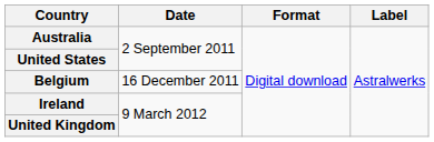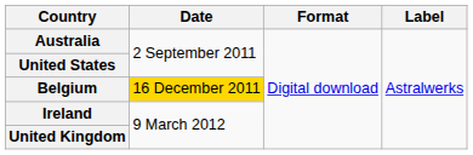 <table class="wikitable plainrowheaders">
 <tr>
 <th scope="col">Country</th>
 <th scope="col">Date</th>
 <th scope="col">Format</th>
 <th scope="col">Label</th>
 </tr>
 <tr>
 <th scope="row">Australia</th>
 <td rowspan="2">2 September 2011</td>
 <td rowspan="5"><a href='#'>Digital download</a></td>
 <td rowspan="5"><a href='#'>Astralwerks</a></td>
 </tr>
 <tr>
 <th scope="row">United States</th>
 </tr>
 <tr>
 <th scope="row">Belgium</th>
-<td>16 December 2011</td>
+<td style="background: gold;">16 December 2011</td>
 </tr>
 <tr>
 <th scope="row">Ireland</th>
 <td rowspan="2">9 March 2012</td>
 </tr>
 <tr>
 <th scope="row">United Kingdom</th>
 </tr>
 </table>
